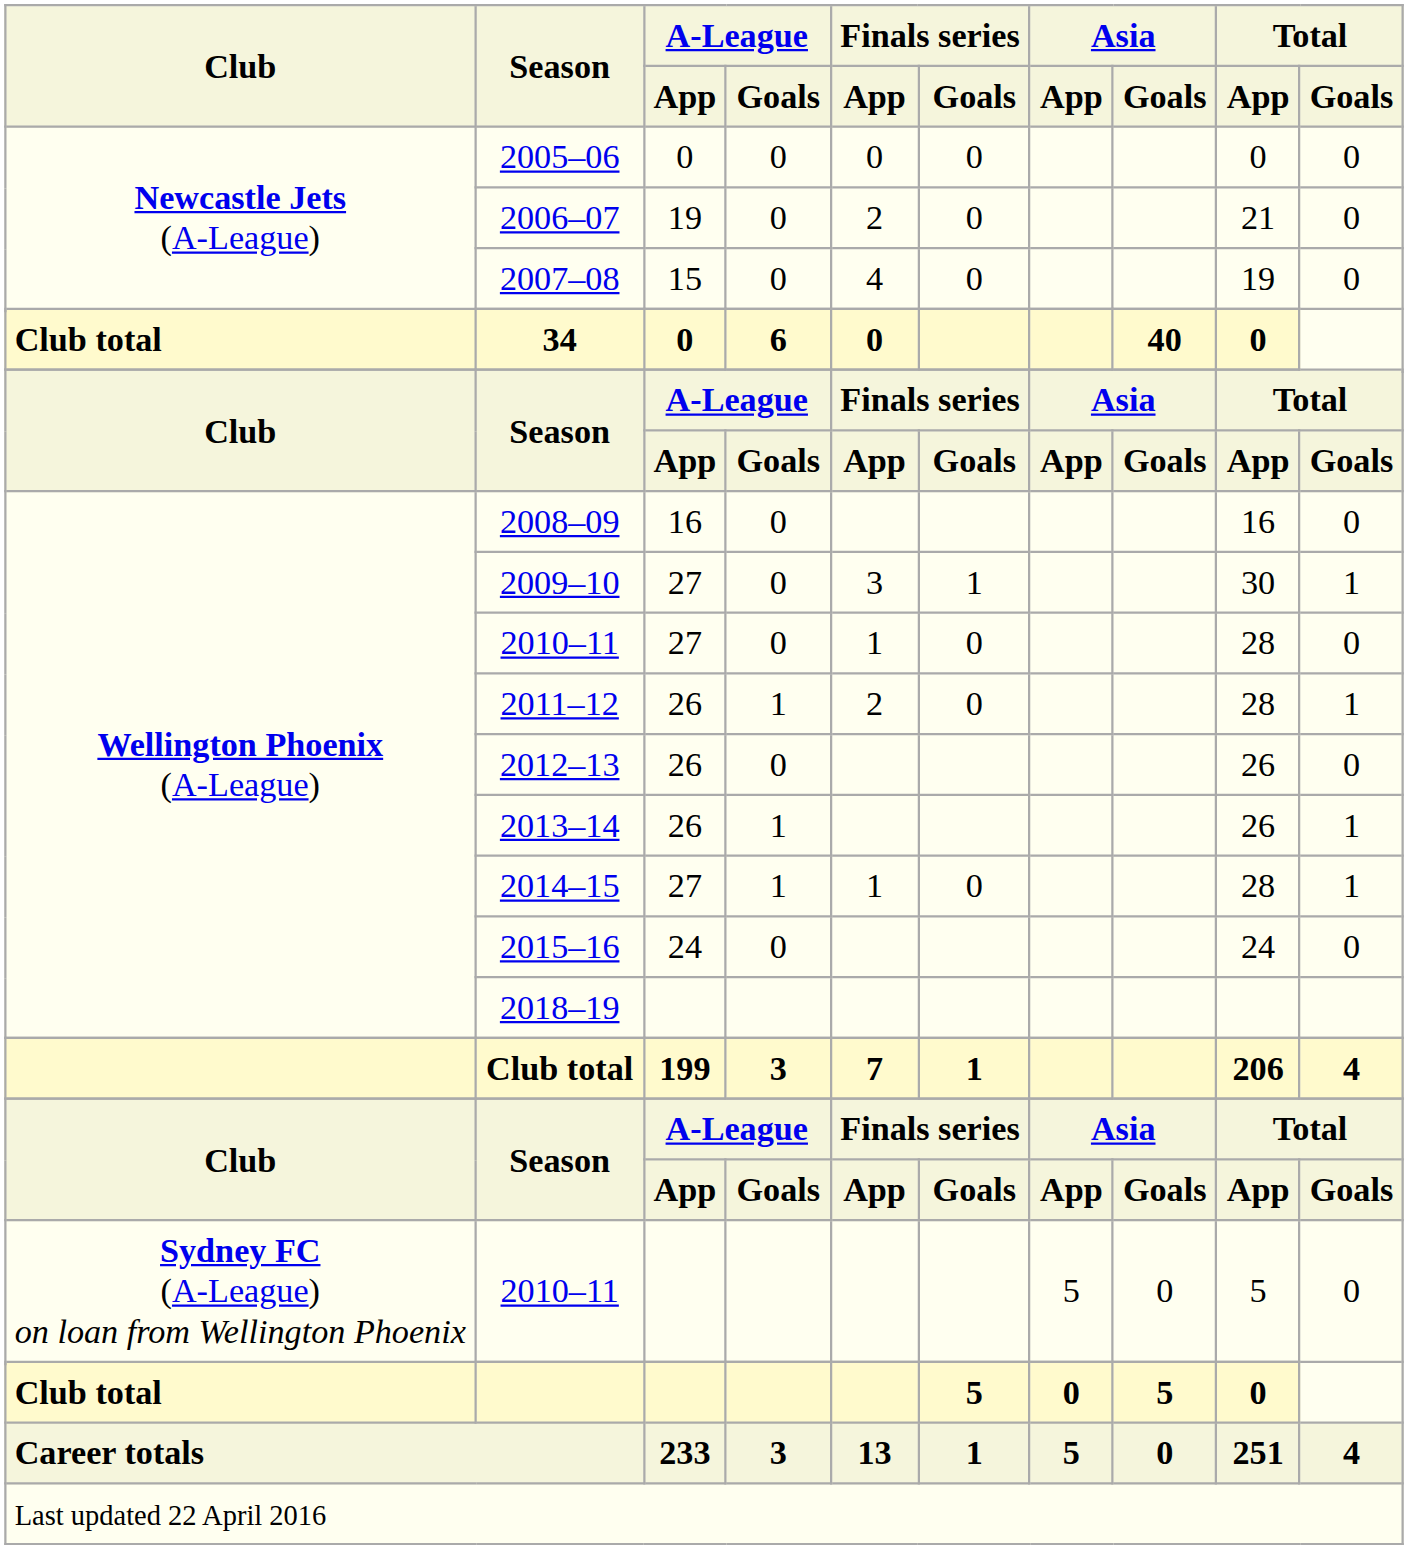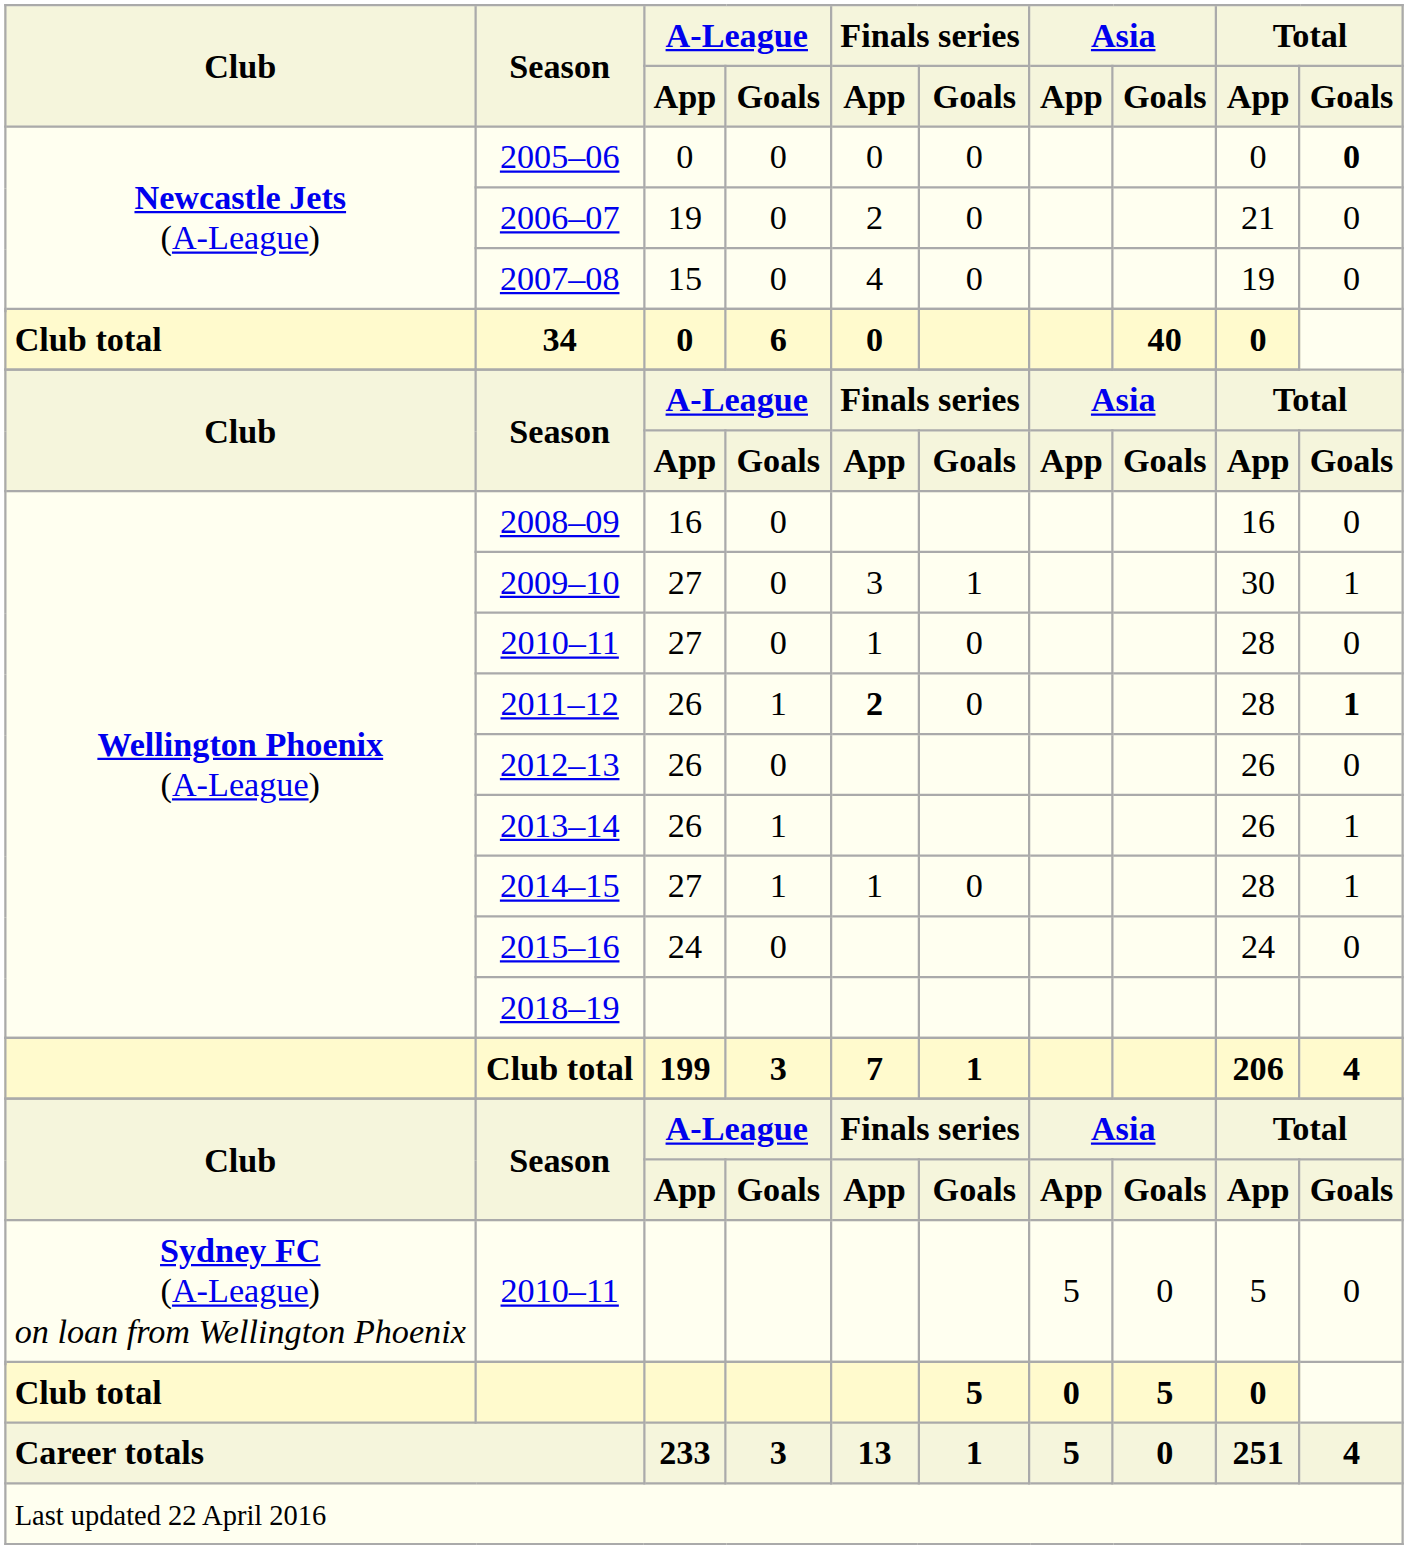 <table border="1" align="center" cellpadding="4" cellspacing="2" style="background: ivory; font-size: 95%; border: 1px #aaaaaa solid; border-collapse: collapse; clear:center">
 <tr style="background:beige">
 <th rowspan="2">Club</th>
 <th rowspan="2">Season</th>
 <th colspan="2"><a href='#'>A-League</a></th>
 <th colspan="2">Finals series</th>
 <th colspan="2"><a href='#'>Asia</a></th>
 <th colspan="2">Total</th>
 </tr>
 <tr style="background:beige">
 <th>App</th>
 <th>Goals</th>
 <th>App</th>
 <th>Goals</th>
 <th>App</th>
 <th>Goals</th>
 <th>App</th>
 <th>Goals</th>
 </tr>
 <tr>
 <td rowspan="4" align="center" valign="center"><strong><a href='#'>Newcastle Jets</a></strong><br>(<a href='#'>A-League</a>)</td>
 <td align="center"><a href='#'>2005–06</a></td>
 <td align="center">0</td>
 <td align="center">0</td>
 <td align="center">0</td>
 <td align="center">0</td>
 <td align="center"></td>
 <td align="center"></td>
 <td align="center">0</td>
-<td align="center">0</td>
+<td align="center"><strong>0</strong></td>
 </tr>
 <tr>
 <td align="center"><a href='#'>2006–07</a></td>
 <td align="center">19</td>
 <td align="center">0</td>
 <td align="center">2</td>
 <td align="center">0</td>
 <td align="center"></td>
 <td align="center"></td>
 <td align="center">21</td>
 <td align="center">0</td>
 </tr>
 <tr>
 <td align="center"><a href='#'>2007–08</a></td>
 <td align="center">15</td>
 <td align="center">0</td>
 <td align="center">4</td>
 <td align="center">0</td>
 <td align="center"></td>
 <td align="center"></td>
 <td align="center">19</td>
 <td align="center">0</td>
 </tr>
 <tr>
 </tr>
 <tr style="background:lemonchiffon">
 <th colspan="1" align="left">Club total</th>
 <th>34</th>
 <th>0</th>
 <th>6</th>
 <th>0</th>
 <th></th>
 <th></th>
 <th>40</th>
 <th>0</th>
 </tr>
 <tr>
 </tr>
 <tr style="background:beige">
 <th rowspan="2">Club</th>
 <th rowspan="2">Season</th>
 <th colspan="2"><a href='#'>A-League</a></th>
 <th colspan="2">Finals series</th>
 <th colspan="2"><a href='#'>Asia</a></th>
 <th colspan="2">Total</th>
 </tr>
 <tr style="background:beige">
 <th>App</th>
 <th>Goals</th>
 <th>App</th>
 <th>Goals</th>
 <th>App</th>
 <th>Goals</th>
 <th>App</th>
 <th>Goals</th>
 </tr>
 <tr>
 <td rowspan="9" align="center" valign="center"><strong><a href='#'>Wellington Phoenix</a></strong><br>(<a href='#'>A-League</a>)</td>
 <td align="center"><a href='#'>2008–09</a></td>
 <td align="center">16</td>
 <td align="center">0</td>
 <td align="center"></td>
 <td align="center"></td>
 <td align="center"></td>
 <td align="center"></td>
 <td align="center">16</td>
 <td align="center">0</td>
 </tr>
 <tr>
 <td align="center"><a href='#'>2009–10</a></td>
 <td align="center">27</td>
 <td align="center">0</td>
 <td align="center">3</td>
 <td align="center">1</td>
 <td align="center"></td>
 <td align="center"></td>
 <td align="center">30</td>
 <td align="center">1</td>
 </tr>
 <tr>
 <td align="center"><a href='#'>2010–11</a></td>
 <td align="center">27</td>
 <td align="center">0</td>
 <td align="center">1</td>
 <td align="center">0</td>
 <td align="center"></td>
 <td align="center"></td>
 <td align="center">28</td>
 <td align="center">0</td>
 </tr>
 <tr>
 <td align="center"><a href='#'>2011–12</a></td>
 <td align="center">26</td>
 <td align="center">1</td>
-<td align="center">2</td>
+<td align="center"><strong>2</strong></td>
 <td align="center">0</td>
 <td align="center"></td>
 <td align="center"></td>
 <td align="center">28</td>
-<td align="center">1</td>
+<td align="center"><strong>1</strong></td>
 </tr>
 <tr>
 <td align="center"><a href='#'>2012–13</a></td>
 <td align="center">26</td>
 <td align="center">0</td>
 <td align="center"></td>
 <td align="center"></td>
 <td align="center"></td>
 <td align="center"></td>
 <td align="center">26</td>
 <td align="center">0</td>
 </tr>
 <tr>
 <td align="center"><a href='#'>2013–14</a></td>
 <td align="center">26</td>
 <td align="center">1</td>
 <td align="center"></td>
 <td align="center"></td>
 <td align="center"></td>
 <td align="center"></td>
 <td align="center">26</td>
 <td align="center">1</td>
 </tr>
 <tr>
 <td align="center"><a href='#'>2014–15</a></td>
 <td align="center">27</td>
 <td align="center">1</td>
 <td align="center">1</td>
 <td align="center">0</td>
 <td align="center"></td>
 <td align="center"></td>
 <td align="center">28</td>
 <td align="center">1</td>
 </tr>
 <tr>
 <td align="center"><a href='#'>2015–16</a></td>
 <td align="center">24</td>
 <td align="center">0</td>
 <td align="center"></td>
 <td align="center"></td>
 <td align="center"></td>
 <td align="center"></td>
 <td align="center">24</td>
 <td align="center">0</td>
 </tr>
 <tr>
 <td align="center"><a href='#'>2018–19</a></td>
 <td align="center"></td>
 <td align="center"></td>
 <td align="center"></td>
 <td align="center"></td>
 <td align="center"></td>
 <td align="center"></td>
 <td align="center"></td>
 <td align="center"></td>
 </tr>
 <tr>
 </tr>
 <tr style="background:lemonchiffon" |->
 <th colspan="1" align="left"></th>
 <th>Club total</th>
 <th>199</th>
 <th>3</th>
 <th>7</th>
 <th>1</th>
 <th></th>
 <th></th>
 <th>206</th>
 <th>4</th>
 </tr>
 <tr>
 </tr>
 <tr style="background:beige">
 <th rowspan="2">Club</th>
 <th rowspan="2">Season</th>
 <th colspan="2"><a href='#'>A-League</a></th>
 <th colspan="2">Finals series</th>
 <th colspan="2"><a href='#'>Asia</a></th>
 <th colspan="2">Total</th>
 </tr>
 <tr style="background:beige">
 <th>App</th>
 <th>Goals</th>
 <th>App</th>
 <th>Goals</th>
 <th>App</th>
 <th>Goals</th>
 <th>App</th>
 <th>Goals</th>
 </tr>
 <tr>
 <td rowspan="2" align="center" valign="center"><strong><a href='#'>Sydney FC</a></strong><br>(<a href='#'>A-League</a>)<br><em>on loan from Wellington Phoenix</em></td>
 <td align="center"><a href='#'>2010–11</a></td>
 <td align="center"></td>
 <td align="center"></td>
 <td align="center"></td>
 <td align="center"></td>
 <td align="center">5</td>
 <td align="center">0</td>
 <td align="center">5</td>
 <td align="center">0</td>
 </tr>
 <tr>
 </tr>
 <tr style="background:lemonchiffon">
 <th colspan="1" align="left">Club total</th>
 <th></th>
 <th></th>
 <th></th>
 <th></th>
 <th>5</th>
 <th>0</th>
 <th>5</th>
 <th>0</th>
 </tr>
 <tr>
 <th colspan="2" style="background:beige" align="left">Career totals</th>
 <th align="center" style="background:beige">233</th>
 <th align="center" style="background:beige">3</th>
 <th align="center" style="background:beige">13</th>
 <th align="center" style="background:beige">1</th>
 <th align="center" style="background:beige">5</th>
 <th align="center" style="background:beige">0</th>
 <th align="center" style="background:beige">251</th>
 <th align="center" style="background:beige">4</th>
 </tr>
 <tr>
 <td colspan="12"><small>Last updated 22 April 2016</small></td>
 </tr>
 </table>
